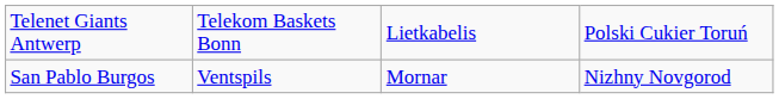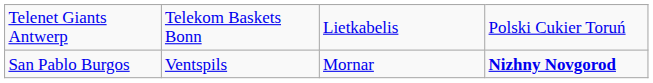 <table class="wikitable" style="table-layout:fixed;">
 <tr>
 <td width=250> <a href='#'>Telenet Giants Antwerp</a> </td>
 <td width=250> <a href='#'>Telekom Baskets Bonn</a> </td>
 <td width=250> <a href='#'>Lietkabelis</a> </td>
 <td width=250> <a href='#'>Polski Cukier Toruń</a> </td>
 </tr>
 <tr>
 <td> <a href='#'>San Pablo Burgos</a> </td>
 <td> <a href='#'>Ventspils</a> </td>
 <td> <a href='#'>Mornar</a> </td>
-<td> <a href='#'>Nizhny Novgorod</a> </td>
+<td><strong> <a href='#'>Nizhny Novgorod</a> </strong></td>
 </tr>
 </table>
